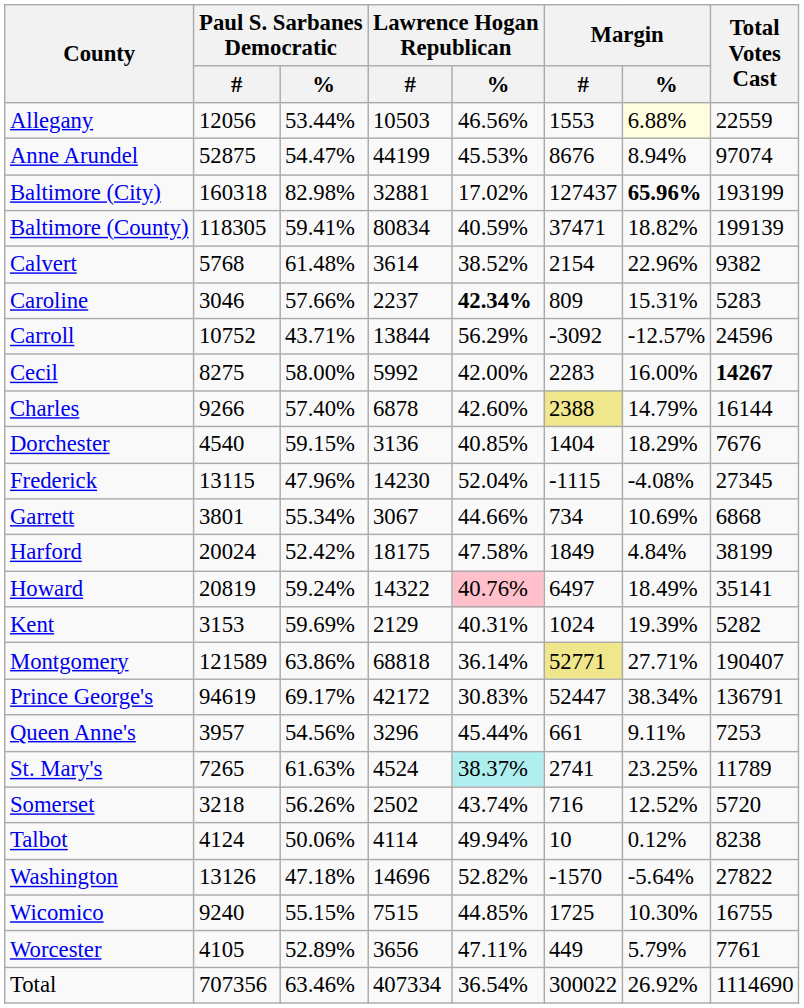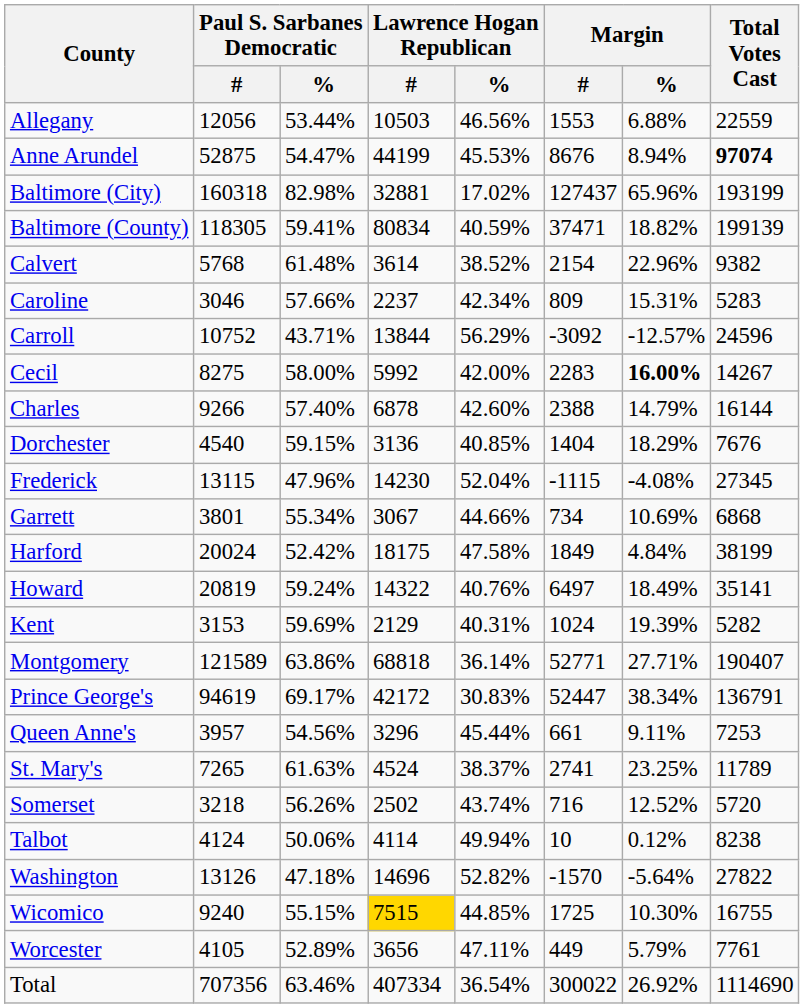 <table class="wikitable sortable">
 <tr>
 <th rowspan="2">County</th>
 <th colspan="2" >Paul S. Sarbanes<br>Democratic</th>
 <th colspan="2" >Lawrence Hogan<br>Republican</th>
 <th colspan="2">Margin</th>
 <th rowspan="2">Total<br>Votes<br>Cast</th>
 </tr>
 <tr>
 <th>#</th>
 <th>%</th>
 <th>#</th>
 <th>%</th>
 <th>#</th>
 <th>%</th>
 </tr>
 <tr>
 <td><a href='#'>Allegany</a></td>
 <td>12056</td>
 <td>53.44%</td>
 <td>10503</td>
 <td>46.56%</td>
 <td>1553</td>
-<td style="background: lightyellow;">6.88%</td>
+<td>6.88%</td>
 <td>22559</td>
 </tr>
 <tr>
 <td><a href='#'>Anne Arundel</a></td>
 <td>52875</td>
 <td>54.47%</td>
 <td>44199</td>
 <td>45.53%</td>
 <td>8676</td>
 <td>8.94%</td>
-<td>97074</td>
+<td><strong>97074</strong></td>
 </tr>
 <tr>
 <td><a href='#'>Baltimore (City)</a></td>
 <td>160318</td>
 <td>82.98%</td>
 <td>32881</td>
 <td>17.02%</td>
 <td>127437</td>
-<td><strong>65.96%</strong></td>
+<td>65.96%</td>
 <td>193199</td>
 </tr>
 <tr>
 <td><a href='#'>Baltimore (County)</a></td>
 <td>118305</td>
 <td>59.41%</td>
 <td>80834</td>
 <td>40.59%</td>
 <td>37471</td>
 <td>18.82%</td>
 <td>199139</td>
 </tr>
 <tr>
 <td><a href='#'>Calvert</a></td>
 <td>5768</td>
 <td>61.48%</td>
 <td>3614</td>
 <td>38.52%</td>
 <td>2154</td>
 <td>22.96%</td>
 <td>9382</td>
 </tr>
 <tr>
 <td><a href='#'>Caroline</a></td>
 <td>3046</td>
 <td>57.66%</td>
 <td>2237</td>
-<td><strong>42.34%</strong></td>
+<td>42.34%</td>
 <td>809</td>
 <td>15.31%</td>
 <td>5283</td>
 </tr>
 <tr>
 <td><a href='#'>Carroll</a></td>
 <td>10752</td>
 <td>43.71%</td>
 <td>13844</td>
 <td>56.29%</td>
 <td>-3092</td>
 <td>-12.57%</td>
 <td>24596</td>
 </tr>
 <tr>
 <td><a href='#'>Cecil</a></td>
 <td>8275</td>
 <td>58.00%</td>
 <td>5992</td>
 <td>42.00%</td>
 <td>2283</td>
-<td>16.00%</td>
-<td><strong>14267</strong></td>
+<td><strong>16.00%</strong></td>
+<td>14267</td>
 </tr>
 <tr>
 <td><a href='#'>Charles</a></td>
 <td>9266</td>
 <td>57.40%</td>
 <td>6878</td>
 <td>42.60%</td>
-<td style="background: khaki;">2388</td>
+<td>2388</td>
 <td>14.79%</td>
 <td>16144</td>
 </tr>
 <tr>
 <td><a href='#'>Dorchester</a></td>
 <td>4540</td>
 <td>59.15%</td>
 <td>3136</td>
 <td>40.85%</td>
 <td>1404</td>
 <td>18.29%</td>
 <td>7676</td>
 </tr>
 <tr>
 <td><a href='#'>Frederick</a></td>
 <td>13115</td>
 <td>47.96%</td>
 <td>14230</td>
 <td>52.04%</td>
 <td>-1115</td>
 <td>-4.08%</td>
 <td>27345</td>
 </tr>
 <tr>
 <td><a href='#'>Garrett</a></td>
 <td>3801</td>
 <td>55.34%</td>
 <td>3067</td>
 <td>44.66%</td>
 <td>734</td>
 <td>10.69%</td>
 <td>6868</td>
 </tr>
 <tr>
 <td><a href='#'>Harford</a></td>
 <td>20024</td>
 <td>52.42%</td>
 <td>18175</td>
 <td>47.58%</td>
 <td>1849</td>
 <td>4.84%</td>
 <td>38199</td>
 </tr>
 <tr>
 <td><a href='#'>Howard</a></td>
 <td>20819</td>
 <td>59.24%</td>
 <td>14322</td>
-<td style="background: pink;">40.76%</td>
+<td>40.76%</td>
 <td>6497</td>
 <td>18.49%</td>
 <td>35141</td>
 </tr>
 <tr>
 <td><a href='#'>Kent</a></td>
 <td>3153</td>
 <td>59.69%</td>
 <td>2129</td>
 <td>40.31%</td>
 <td>1024</td>
 <td>19.39%</td>
 <td>5282</td>
 </tr>
 <tr>
 <td><a href='#'>Montgomery</a></td>
 <td>121589</td>
 <td>63.86%</td>
 <td>68818</td>
 <td>36.14%</td>
-<td style="background: khaki;">52771</td>
+<td>52771</td>
 <td>27.71%</td>
 <td>190407</td>
 </tr>
 <tr>
 <td><a href='#'>Prince George's</a></td>
 <td>94619</td>
 <td>69.17%</td>
 <td>42172</td>
 <td>30.83%</td>
 <td>52447</td>
 <td>38.34%</td>
 <td>136791</td>
 </tr>
 <tr>
 <td><a href='#'>Queen Anne's</a></td>
 <td>3957</td>
 <td>54.56%</td>
 <td>3296</td>
 <td>45.44%</td>
 <td>661</td>
 <td>9.11%</td>
 <td>7253</td>
 </tr>
 <tr>
 <td><a href='#'>St. Mary's</a></td>
 <td>7265</td>
 <td>61.63%</td>
 <td>4524</td>
-<td style="background: paleturquoise;">38.37%</td>
+<td>38.37%</td>
 <td>2741</td>
 <td>23.25%</td>
 <td>11789</td>
 </tr>
 <tr>
 <td><a href='#'>Somerset</a></td>
 <td>3218</td>
 <td>56.26%</td>
 <td>2502</td>
 <td>43.74%</td>
 <td>716</td>
 <td>12.52%</td>
 <td>5720</td>
 </tr>
 <tr>
 <td><a href='#'>Talbot</a></td>
 <td>4124</td>
 <td>50.06%</td>
 <td>4114</td>
 <td>49.94%</td>
 <td>10</td>
 <td>0.12%</td>
 <td>8238</td>
 </tr>
 <tr>
 <td><a href='#'>Washington</a></td>
 <td>13126</td>
 <td>47.18%</td>
 <td>14696</td>
 <td>52.82%</td>
 <td>-1570</td>
 <td>-5.64%</td>
 <td>27822</td>
 </tr>
 <tr>
 <td><a href='#'>Wicomico</a></td>
 <td>9240</td>
 <td>55.15%</td>
-<td>7515</td>
+<td style="background: gold;">7515</td>
 <td>44.85%</td>
 <td>1725</td>
 <td>10.30%</td>
 <td>16755</td>
 </tr>
 <tr>
 <td><a href='#'>Worcester</a></td>
 <td>4105</td>
 <td>52.89%</td>
 <td>3656</td>
 <td>47.11%</td>
 <td>449</td>
 <td>5.79%</td>
 <td>7761</td>
 </tr>
 <tr>
 <td>Total</td>
 <td>707356</td>
 <td>63.46%</td>
 <td>407334</td>
 <td>36.54%</td>
 <td>300022</td>
 <td>26.92%</td>
 <td>1114690</td>
 </tr>
 </table>
